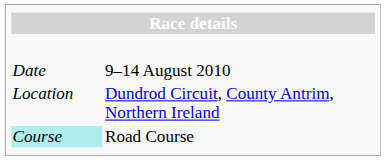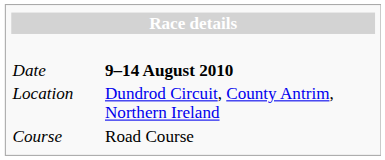 <table class="infobox" style="width: 22em">
 <tr>
 </tr>
 <tr>
 <th colspan="3" style="background:lightgrey; color:#ffffff;">Race details</th>
 </tr>
 <tr>
 <td colspan="3" style="text-align:center;"><br></td>
 </tr>
 <tr>
 <td style="width: 25%;"><em>Date</em></td>
-<td>9–14 August 2010</td>
+<td><strong>9–14 August 2010</strong></td>
 </tr>
 <tr>
 <td><em>Location</em></td>
 <td colspan=3><a href='#'>Dundrod Circuit</a>, <a href='#'>County Antrim</a>, <a href='#'>Northern Ireland</a></td>
 </tr>
 <tr>
-<td style="background: paleturquoise;"><em>Course</em></td>
+<td><em>Course</em></td>
 <td colspan=3>Road Course <br> </td>
 </tr>
 <tr>
 </tr>
 </table>
